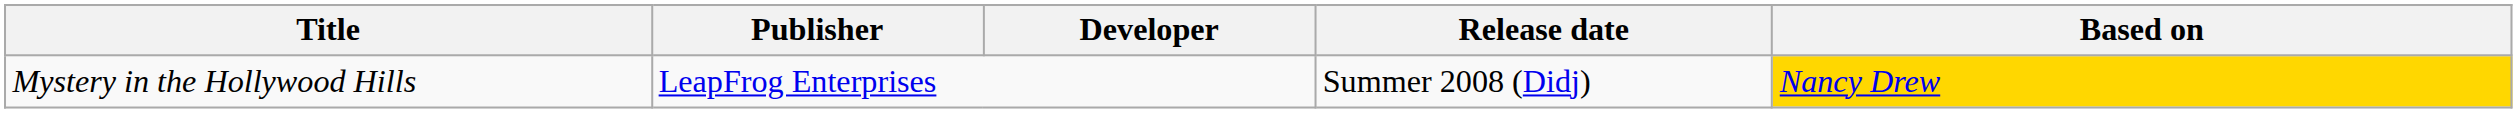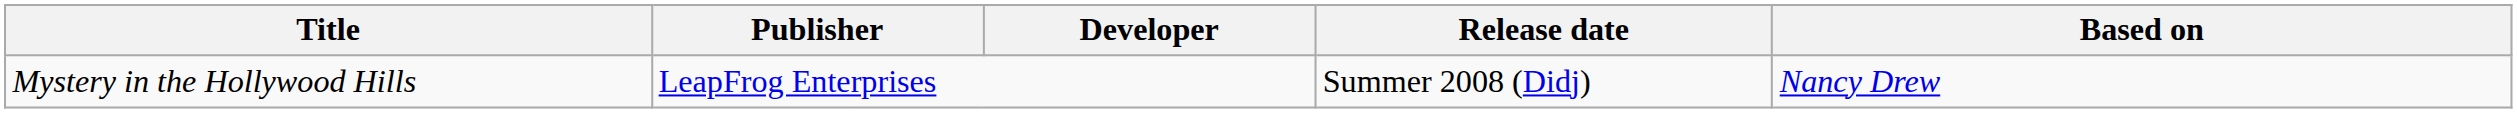 <table class="wikitable">
 <tr>
 <th scope="col" style="width: 20em;">Title</th>
 <th scope="col" style="width: 10em;">Publisher</th>
 <th scope="col" style="width: 10em;">Developer</th>
 <th scope="col" style="width: 14em;">Release date</th>
 <th scope="col" style="width: 23em;">Based on</th>
 </tr>
 <tr>
 <td><em>Mystery in the Hollywood Hills</em></td>
 <td colspan="2"><a href='#'>LeapFrog Enterprises</a></td>
 <td>Summer 2008 (<a href='#'>Didj</a>)</td>
-<td style="background: gold;"><em><a href='#'>Nancy Drew</a></em></td>
+<td><em><a href='#'>Nancy Drew</a></em></td>
 </tr>
 </table>
